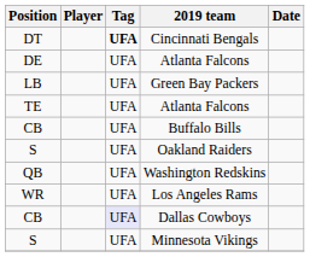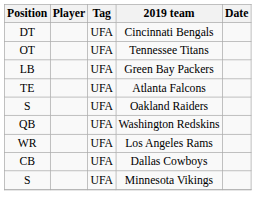 <table class="wikitable sortable" style="text-align:center">
 <tr>
 <th>Position</th>
 <th>Player</th>
 <th>Tag</th>
 <th>2019 team</th>
 <th>Date</th>
 </tr>
 <tr>
 <td>DT</td>
 <td></td>
-<td><strong>UFA</strong></td>
+<td>UFA</td>
 <td>Cincinnati Bengals</td>
 <td></td>
 </tr>
 <tr>
-<td>DE</td>
+<td>OT</td>
 <td></td>
 <td>UFA</td>
-<td>Atlanta Falcons</td>
+<td>Tennessee Titans</td>
 <td></td>
 </tr>
 <tr>
 <td>LB</td>
 <td></td>
 <td>UFA</td>
 <td>Green Bay Packers</td>
 <td></td>
 </tr>
 <tr>
 <td>TE</td>
 <td></td>
 <td>UFA</td>
 <td>Atlanta Falcons</td>
-<td></td>
-</tr>
-<tr>
-<td>CB</td>
-<td></td>
-<td>UFA</td>
-<td>Buffalo Bills</td>
 <td></td>
 </tr>
 <tr>
 <td>S</td>
 <td></td>
 <td>UFA</td>
 <td>Oakland Raiders</td>
 <td></td>
 </tr>
 <tr>
 <td>QB</td>
 <td></td>
 <td>UFA</td>
 <td>Washington Redskins</td>
 <td></td>
 </tr>
 <tr>
 <td>WR</td>
 <td></td>
 <td>UFA</td>
 <td>Los Angeles Rams</td>
 <td></td>
 </tr>
 <tr>
 <td>CB</td>
 <td></td>
-<td style="background: lavender;">UFA</td>
+<td>UFA</td>
 <td>Dallas Cowboys</td>
 <td></td>
 </tr>
 <tr>
 <td>S</td>
 <td></td>
 <td>UFA</td>
 <td>Minnesota Vikings</td>
 <td></td>
 </tr>
 <tr>
 </tr>
 </table>
